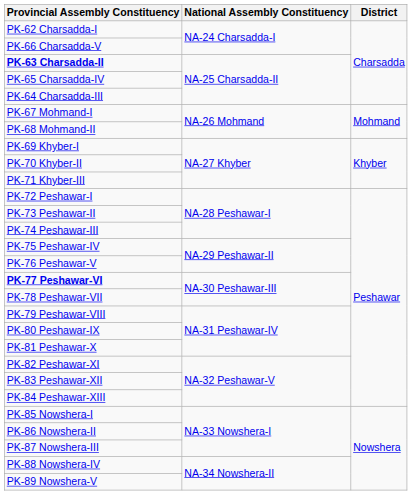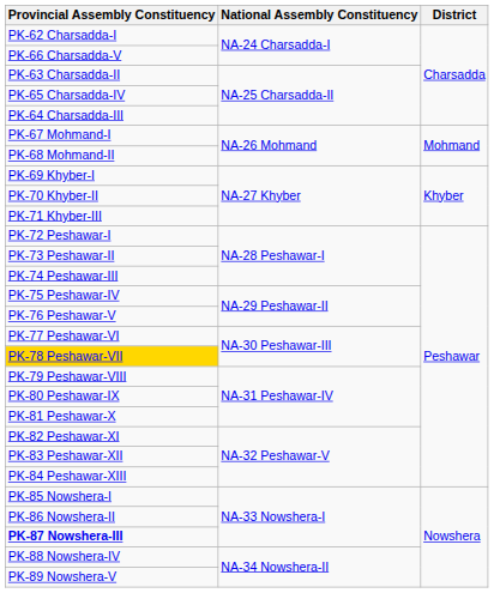 <table class="wikitable sortable static-row-numbers static-row-header-hash">
 <tr>
 <th>Provincial Assembly Constituency</th>
 <th>National Assembly Constituency</th>
 <th>District</th>
 </tr>
 <tr>
 <td><a href='#'>PK-62 Charsadda-I</a></td>
 <td rowspan="2"><a href='#'>NA-24 Charsadda-I</a></td>
 <td rowspan="5"><a href='#'>Charsadda</a></td>
 </tr>
 <tr>
 <td><a href='#'>PK-66 Charsadda-V</a></td>
 </tr>
 <tr>
-<td><strong><a href='#'>PK-63 Charsadda-II</a></strong></td>
+<td><a href='#'>PK-63 Charsadda-II</a></td>
 <td rowspan="3"><a href='#'>NA-25 Charsadda-II</a></td>
 </tr>
 <tr>
 <td><a href='#'>PK-65 Charsadda-IV</a></td>
 </tr>
 <tr>
 <td><a href='#'>PK-64 Charsadda-III</a></td>
 </tr>
 <tr>
 <td><a href='#'>PK-67 Mohmand-I</a></td>
 <td rowspan="2"><a href='#'>NA-26 Mohmand</a></td>
 <td rowspan="2"><a href='#'>Mohmand</a></td>
 </tr>
 <tr>
 <td><a href='#'>PK-68 Mohmand-II</a></td>
 </tr>
 <tr>
 <td><a href='#'>PK-69 Khyber-I</a></td>
 <td rowspan="3"><a href='#'>NA-27 Khyber</a></td>
 <td rowspan="3"><a href='#'>Khyber</a></td>
 </tr>
 <tr>
 <td><a href='#'>PK-70 Khyber-II</a></td>
 </tr>
 <tr>
 <td><a href='#'>PK-71 Khyber-III</a></td>
 </tr>
 <tr>
 <td><a href='#'>PK-72 Peshawar-I</a></td>
 <td rowspan="3"><a href='#'>NA-28 Peshawar-I</a></td>
 <td rowspan="13"><a href='#'>Peshawar</a></td>
 </tr>
 <tr>
 <td><a href='#'>PK-73 Peshawar-II</a></td>
 </tr>
 <tr>
 <td><a href='#'>PK-74 Peshawar-III</a></td>
 </tr>
 <tr>
 <td><a href='#'>PK-75 Peshawar-IV</a></td>
 <td rowspan="2"><a href='#'>NA-29 Peshawar-II</a></td>
 </tr>
 <tr>
 <td><a href='#'>PK-76 Peshawar-V</a></td>
 </tr>
 <tr>
-<td><strong><a href='#'>PK-77 Peshawar-VI</a></strong></td>
+<td><a href='#'>PK-77 Peshawar-VI</a></td>
 <td rowspan="2"><a href='#'>NA-30 Peshawar-III</a></td>
 </tr>
 <tr>
-<td><a href='#'>PK-78 Peshawar-VII</a></td>
+<td style="background: gold;"><a href='#'>PK-78 Peshawar-VII</a></td>
 </tr>
 <tr>
 <td><a href='#'>PK-79 Peshawar-VIII</a></td>
 <td rowspan="3"><a href='#'>NA-31 Peshawar-IV</a></td>
 </tr>
 <tr>
 <td><a href='#'>PK-80 Peshawar-IX</a></td>
 </tr>
 <tr>
 <td><a href='#'>PK-81 Peshawar-X</a></td>
 </tr>
 <tr>
 <td><a href='#'>PK-82 Peshawar-XI</a></td>
 <td rowspan="3"><a href='#'>NA-32 Peshawar-V</a></td>
 </tr>
 <tr>
 <td><a href='#'>PK-83 Peshawar-XII</a></td>
 </tr>
 <tr>
 <td><a href='#'>PK-84 Peshawar-XIII</a></td>
 </tr>
 <tr>
 <td><a href='#'>PK-85 Nowshera-I</a></td>
 <td rowspan="3"><a href='#'>NA-33 Nowshera-I</a></td>
 <td rowspan="5"><a href='#'>Nowshera</a></td>
 </tr>
 <tr>
 <td><a href='#'>PK-86 Nowshera-II</a></td>
 </tr>
 <tr>
-<td><a href='#'>PK-87 Nowshera-III</a></td>
+<td><strong><a href='#'>PK-87 Nowshera-III</a></strong></td>
 </tr>
 <tr>
 <td><a href='#'>PK-88 Nowshera-IV</a></td>
 <td rowspan="2"><a href='#'>NA-34 Nowshera-II</a></td>
 </tr>
 <tr>
 <td><a href='#'>PK-89 Nowshera-V</a></td>
 </tr>
 </table>
